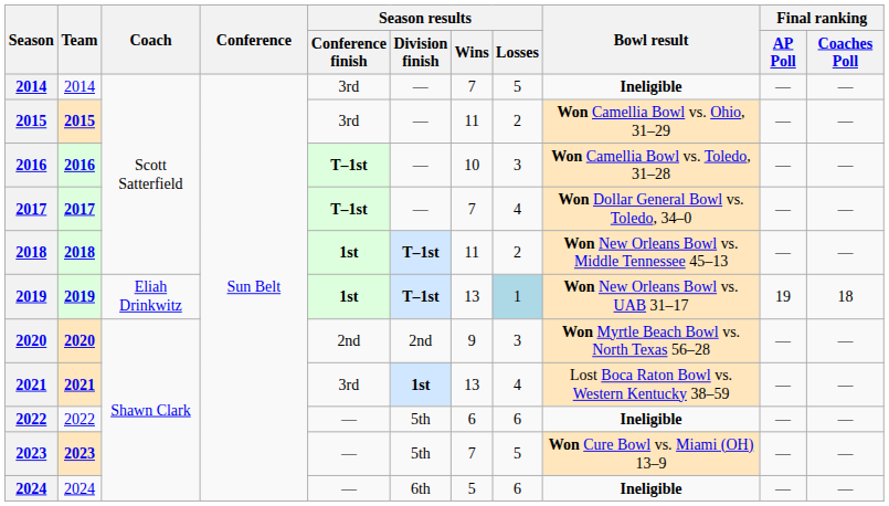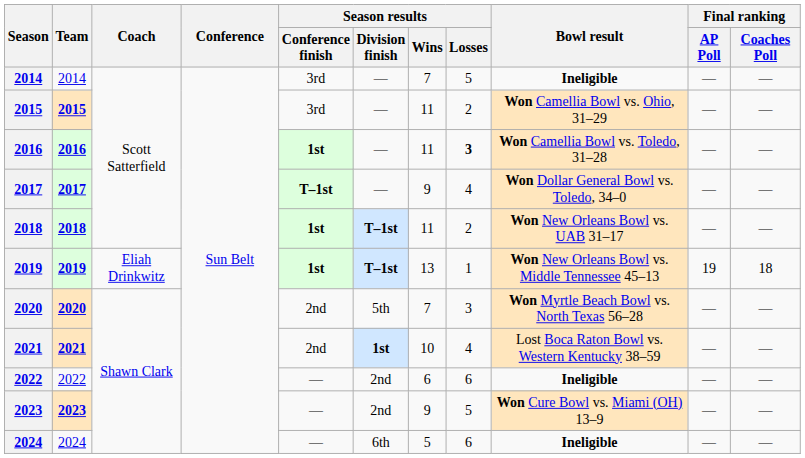 <table class="wikitable" style="font-size: 95%; width:98%;">
 <tr>
 <th rowspan="2" style="width:5%;">Season</th>
 <th rowspan="2" style="width:5%;">Team</th>
 <th rowspan="2" style="width:12%;">Coach</th>
 <th rowspan="2" style="width:13%;">Conference</th>
 <th colspan="4">Season results</th>
 <th rowspan="2" style="width:29%;">Bowl result</th>
 <th colspan="3" style="width:15%;">Final ranking</th>
 </tr>
 <tr>
 <th>Conference finish</th>
 <th>Division finish</th>
 <th>Wins</th>
 <th>Losses</th>
 <th><a href='#'>AP Poll</a></th>
 <th><a href='#'>Coaches Poll</a></th>
 </tr>
 <tr>
 <th scope="row" align="center"><a href='#'>2014</a></th>
 <td align="center"><a href='#'>2014</a></td>
 <td align="center" rowspan="5">Scott Satterfield</td>
 <td align="center" rowspan="11"><a href='#'>Sun Belt</a></td>
 <td align="center">3rd</td>
 <td align="center">—</td>
 <td align="center">7</td>
 <td align="center">5</td>
 <td align="center"><strong>Ineligible</strong></td>
 <td align="center">—</td>
 <td align="center">—</td>
 </tr>
 <tr>
 <th scope="row" align="center"><a href='#'>2015</a></th>
 <td align="center" style="background: #ffe6bd"><strong><a href='#'>2015</a></strong></td>
 <td align="center">3rd</td>
 <td align="center">—</td>
 <td align="center">11</td>
 <td align="center">2</td>
 <td align="center" style="background: #ffe6bd"><strong>Won</strong> <a href='#'>Camellia Bowl</a> vs. <a href='#'>Ohio</a>, 31–29</td>
 <td align="center">—</td>
 <td align="center">—</td>
 </tr>
 <tr>
 <th scope="row" align="center"><a href='#'>2016</a></th>
 <td align="center" style="background: #ddffdd"><strong><a href='#'>2016</a></strong></td>
-<td align="center" style="background: #ddffdd;"><strong>T–1st</strong></td>
+<td align="center" style="background: #ddffdd;"><strong>1st</strong></td>
 <td align="center">—</td>
-<td align="center">10</td>
-<td align="center">3</td>
+<td align="center">11</td>
+<td align="center"><strong>3</strong></td>
 <td align="center" style="background: #ffe6bd"><strong>Won</strong> <a href='#'>Camellia Bowl</a> vs. <a href='#'>Toledo</a>, 31–28</td>
 <td align="center">—</td>
 <td align="center">—</td>
 </tr>
 <tr>
 <th scope="row" align="center"><a href='#'>2017</a></th>
 <td align="center" style="background: #ddffdd"><strong><a href='#'>2017</a></strong></td>
 <td align="center" style="background: #ddffdd;"><strong>T–1st</strong></td>
 <td align="center">—</td>
-<td align="center">7</td>
+<td align="center">9</td>
 <td align="center">4</td>
 <td align="center" style="background: #ffe6bd"><strong>Won</strong> <a href='#'>Dollar General Bowl</a> vs. <a href='#'>Toledo</a>, 34–0</td>
 <td align="center">—</td>
 <td align="center">—</td>
 </tr>
 <tr>
 <th scope="row" align="center"><a href='#'>2018</a></th>
 <td align="center" style="background: #ddffdd"><strong><a href='#'>2018</a></strong></td>
 <td align="center" style="background: #ddffdd;"><strong>1st</strong></td>
 <td align="center" style="background: #D0E7FF"><strong>T–1st</strong></td>
 <td align="center">11</td>
 <td align="center">2</td>
-<td align="center" style="background: #ffe6bd"><strong>Won</strong> <a href='#'>New Orleans Bowl</a> vs. <a href='#'>Middle Tennessee</a> 45–13</td>
+<td align="center" style="background: #ffe6bd"><strong>Won</strong> <a href='#'>New Orleans Bowl</a> vs. <a href='#'>UAB</a> 31–17</td>
 <td align="center">—</td>
 <td align="center">—</td>
 </tr>
 <tr>
 <th scope="row" align="center"><a href='#'>2019</a></th>
 <td align="center" style="background: #ddffdd"><strong><a href='#'>2019</a></strong></td>
 <td align="center"><a href='#'>Eliah Drinkwitz</a></td>
 <td align="center" style="background: #ddffdd;"><strong>1st</strong></td>
 <td align="center" style="background: #D0E7FF"><strong>T–1st</strong></td>
 <td align="center">13</td>
-<td align="center" style="background: lightblue;">1</td>
-<td align="center" style="background: #ffe6bd"><strong>Won</strong> <a href='#'>New Orleans Bowl</a> vs. <a href='#'>UAB</a> 31–17</td>
+<td align="center">1</td>
+<td align="center" style="background: #ffe6bd"><strong>Won</strong> <a href='#'>New Orleans Bowl</a> vs. <a href='#'>Middle Tennessee</a> 45–13</td>
 <td align="center">19</td>
 <td align="center">18</td>
 </tr>
 <tr>
 <th scope="row" align="center"><a href='#'>2020</a></th>
 <td align="center" style="background: #ffe6bd"><strong><a href='#'>2020</a></strong></td>
 <td align="center" rowspan="5"><a href='#'>Shawn Clark</a></td>
 <td align="center">2nd</td>
-<td align="center">2nd</td>
-<td align="center">9</td>
+<td align="center">5th</td>
+<td align="center">7</td>
 <td align="center">3</td>
 <td align="center" style="background: #ffe6bd"><strong>Won</strong> <a href='#'>Myrtle Beach Bowl</a> vs. <a href='#'>North Texas</a> 56–28</td>
 <td align="center">—</td>
 <td align="center">—</td>
 </tr>
 <tr>
 <th scope="row" align="center"><a href='#'>2021</a></th>
 <td align="center" style="background: #ffe6bd"><strong><a href='#'>2021</a></strong></td>
-<td align="center">3rd</td>
+<td align="center">2nd</td>
 <td align="center" style="background: #D0E7FF"><strong>1st</strong></td>
-<td align="center">13</td>
+<td align="center">10</td>
 <td align="center">4</td>
 <td align="center" style="background: #ffe6bd">Lost <a href='#'>Boca Raton Bowl</a> vs. <a href='#'>Western Kentucky</a> 38–59</td>
 <td align="center">—</td>
 <td align="center">—</td>
 </tr>
 <tr>
 <th scope="row" align="center"><a href='#'>2022</a></th>
 <td align="center"><a href='#'>2022</a></td>
 <td align="center">—</td>
-<td align="center">5th</td>
+<td align="center">2nd</td>
 <td align="center">6</td>
 <td align="center">6</td>
 <td align="center"><strong>Ineligible</strong></td>
 <td align="center">—</td>
 <td align="center">—</td>
 </tr>
 <tr>
 <th scope="row" align="center"><a href='#'>2023</a></th>
 <td align="center" style="background: #ffe6bd"><strong><a href='#'>2023</a></strong></td>
 <td align="center">—</td>
-<td align="center">5th</td>
-<td align="center">7</td>
+<td align="center">2nd</td>
+<td align="center">9</td>
 <td align="center">5</td>
 <td align="center" style="background: #ffe6bd"><strong>Won</strong> <a href='#'>Cure Bowl</a> vs. <a href='#'>Miami (OH)</a> 13–9</td>
 <td align="center">—</td>
 <td align="center">—</td>
 </tr>
 <tr>
 <th scope="row" align="center"><a href='#'>2024</a></th>
 <td align="center"><a href='#'>2024</a></td>
 <td align="center">—</td>
 <td align="center">6th</td>
 <td align="center">5</td>
 <td align="center">6</td>
 <td align="center"><strong>Ineligible</strong></td>
 <td align="center">—</td>
 <td align="center">—</td>
 </tr>
 </table>
